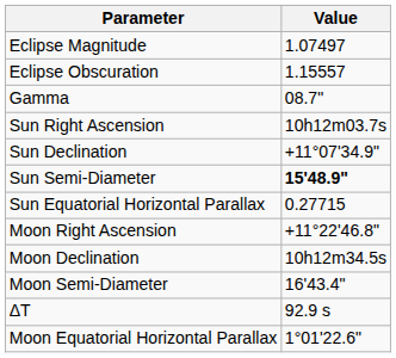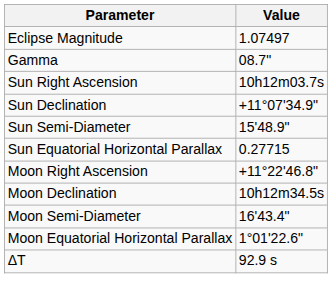 <table class="wikitable">
 <tr>
 <th>Parameter</th>
 <th>Value</th>
 </tr>
 <tr>
 <td>Eclipse Magnitude</td>
 <td>1.07497</td>
-</tr>
-<tr>
-<td>Eclipse Obscuration</td>
-<td>1.15557</td>
 </tr>
 <tr>
 <td>Gamma</td>
 <td>08.7"</td>
 </tr>
 <tr>
 <td>Sun Right Ascension</td>
 <td>10h12m03.7s</td>
 </tr>
 <tr>
 <td>Sun Declination</td>
 <td>+11°07'34.9"</td>
 </tr>
 <tr>
 <td>Sun Semi-Diameter</td>
-<td><strong>15'48.9"</strong></td>
+<td>15'48.9"</td>
 </tr>
 <tr>
 <td>Sun Equatorial Horizontal Parallax</td>
 <td>0.27715</td>
 </tr>
 <tr>
 <td>Moon Right Ascension</td>
 <td>+11°22'46.8"</td>
 </tr>
 <tr>
 <td>Moon Declination</td>
 <td>10h12m34.5s</td>
 </tr>
 <tr>
 <td>Moon Semi-Diameter</td>
 <td>16'43.4"</td>
 </tr>
 <tr>
+<td>Moon Equatorial Horizontal Parallax</td>
+<td>1°01'22.6"</td>
+</tr>
+<tr>
 <td>ΔT</td>
 <td>92.9 s</td>
 </tr>
-<tr>
-<td>Moon Equatorial Horizontal Parallax</td>
-<td>1°01'22.6"</td>
-</tr>
 </table>
